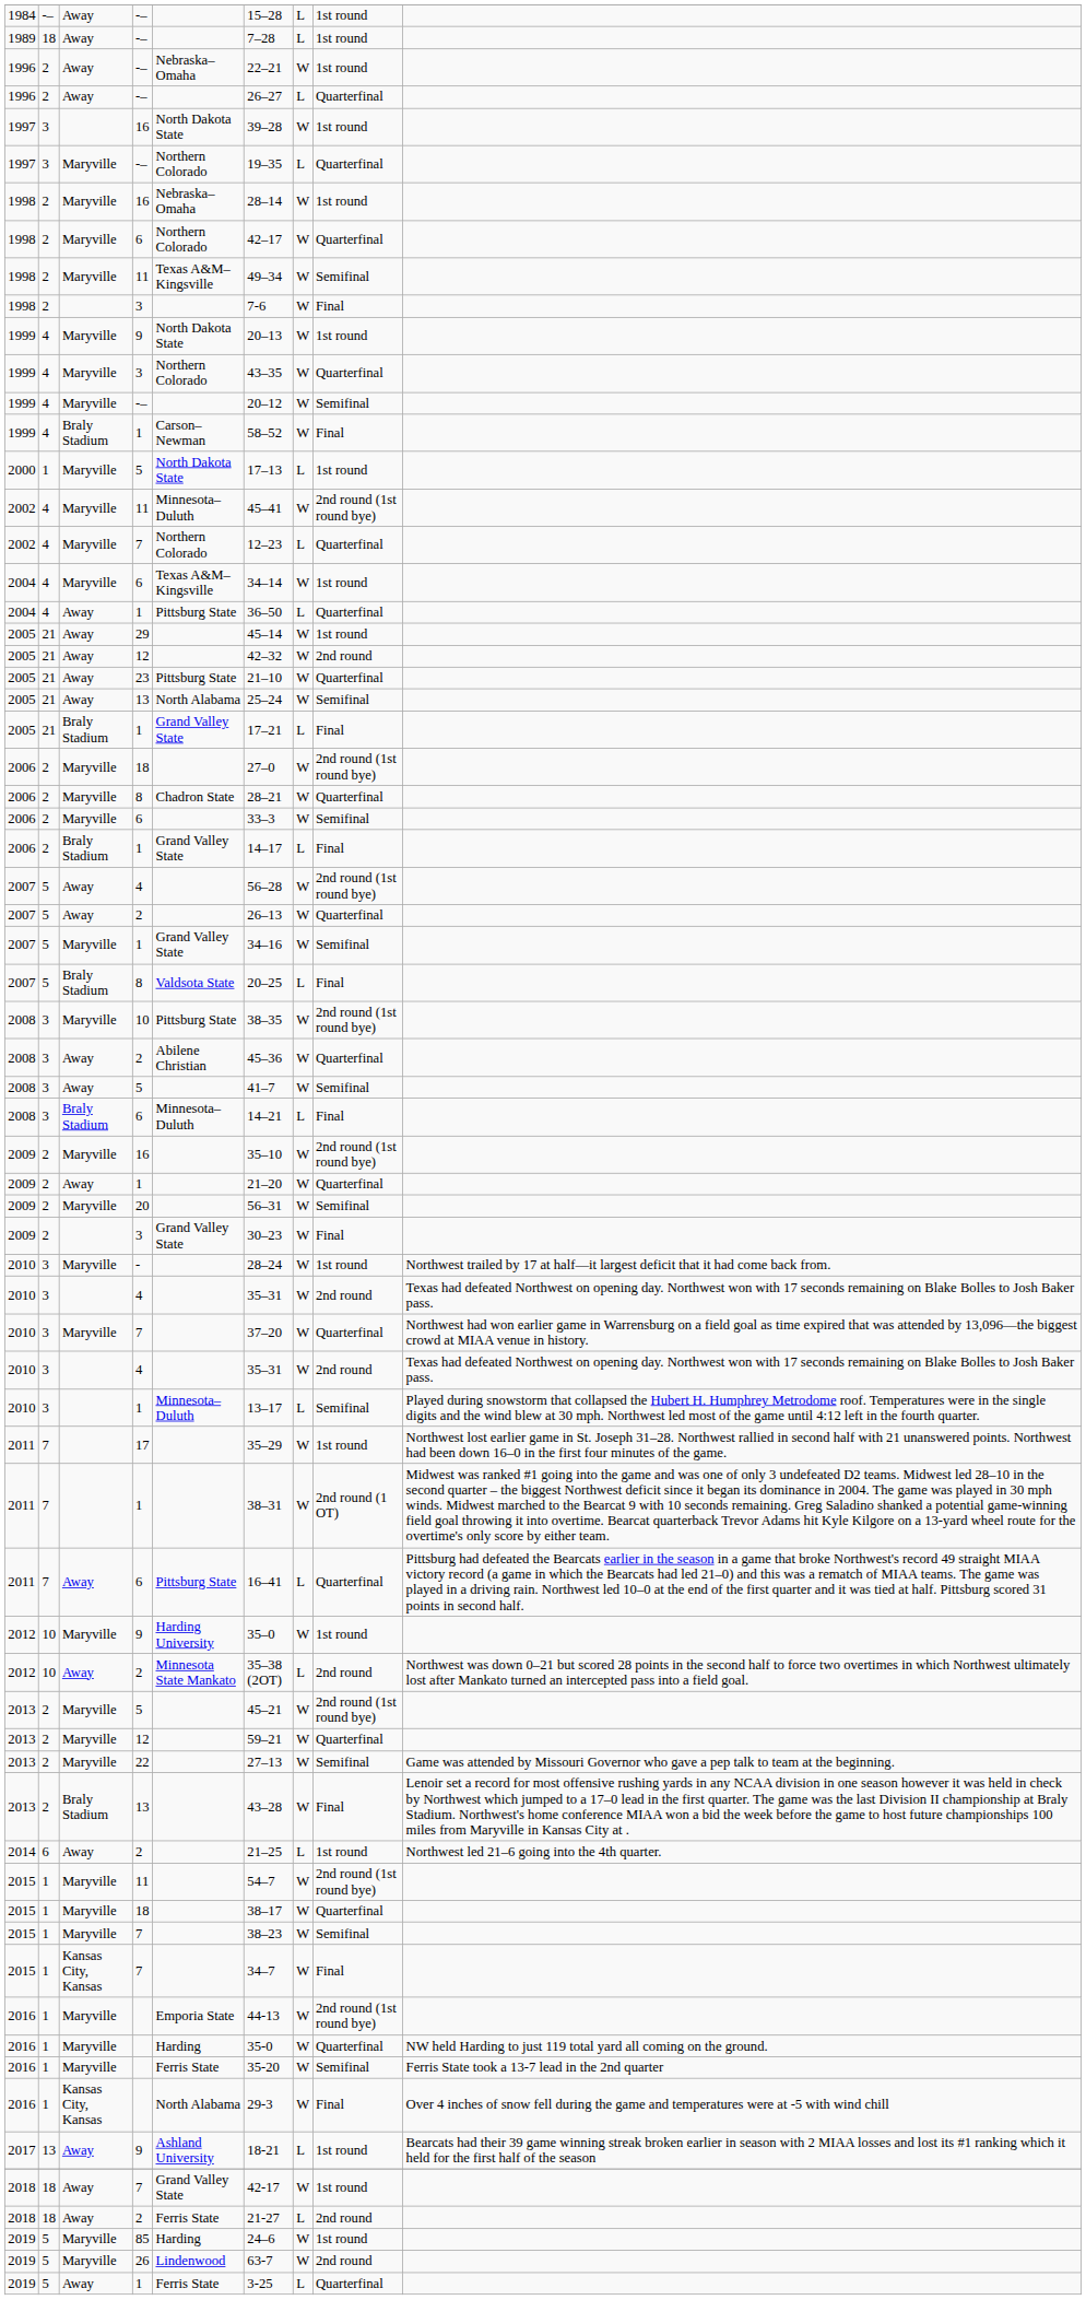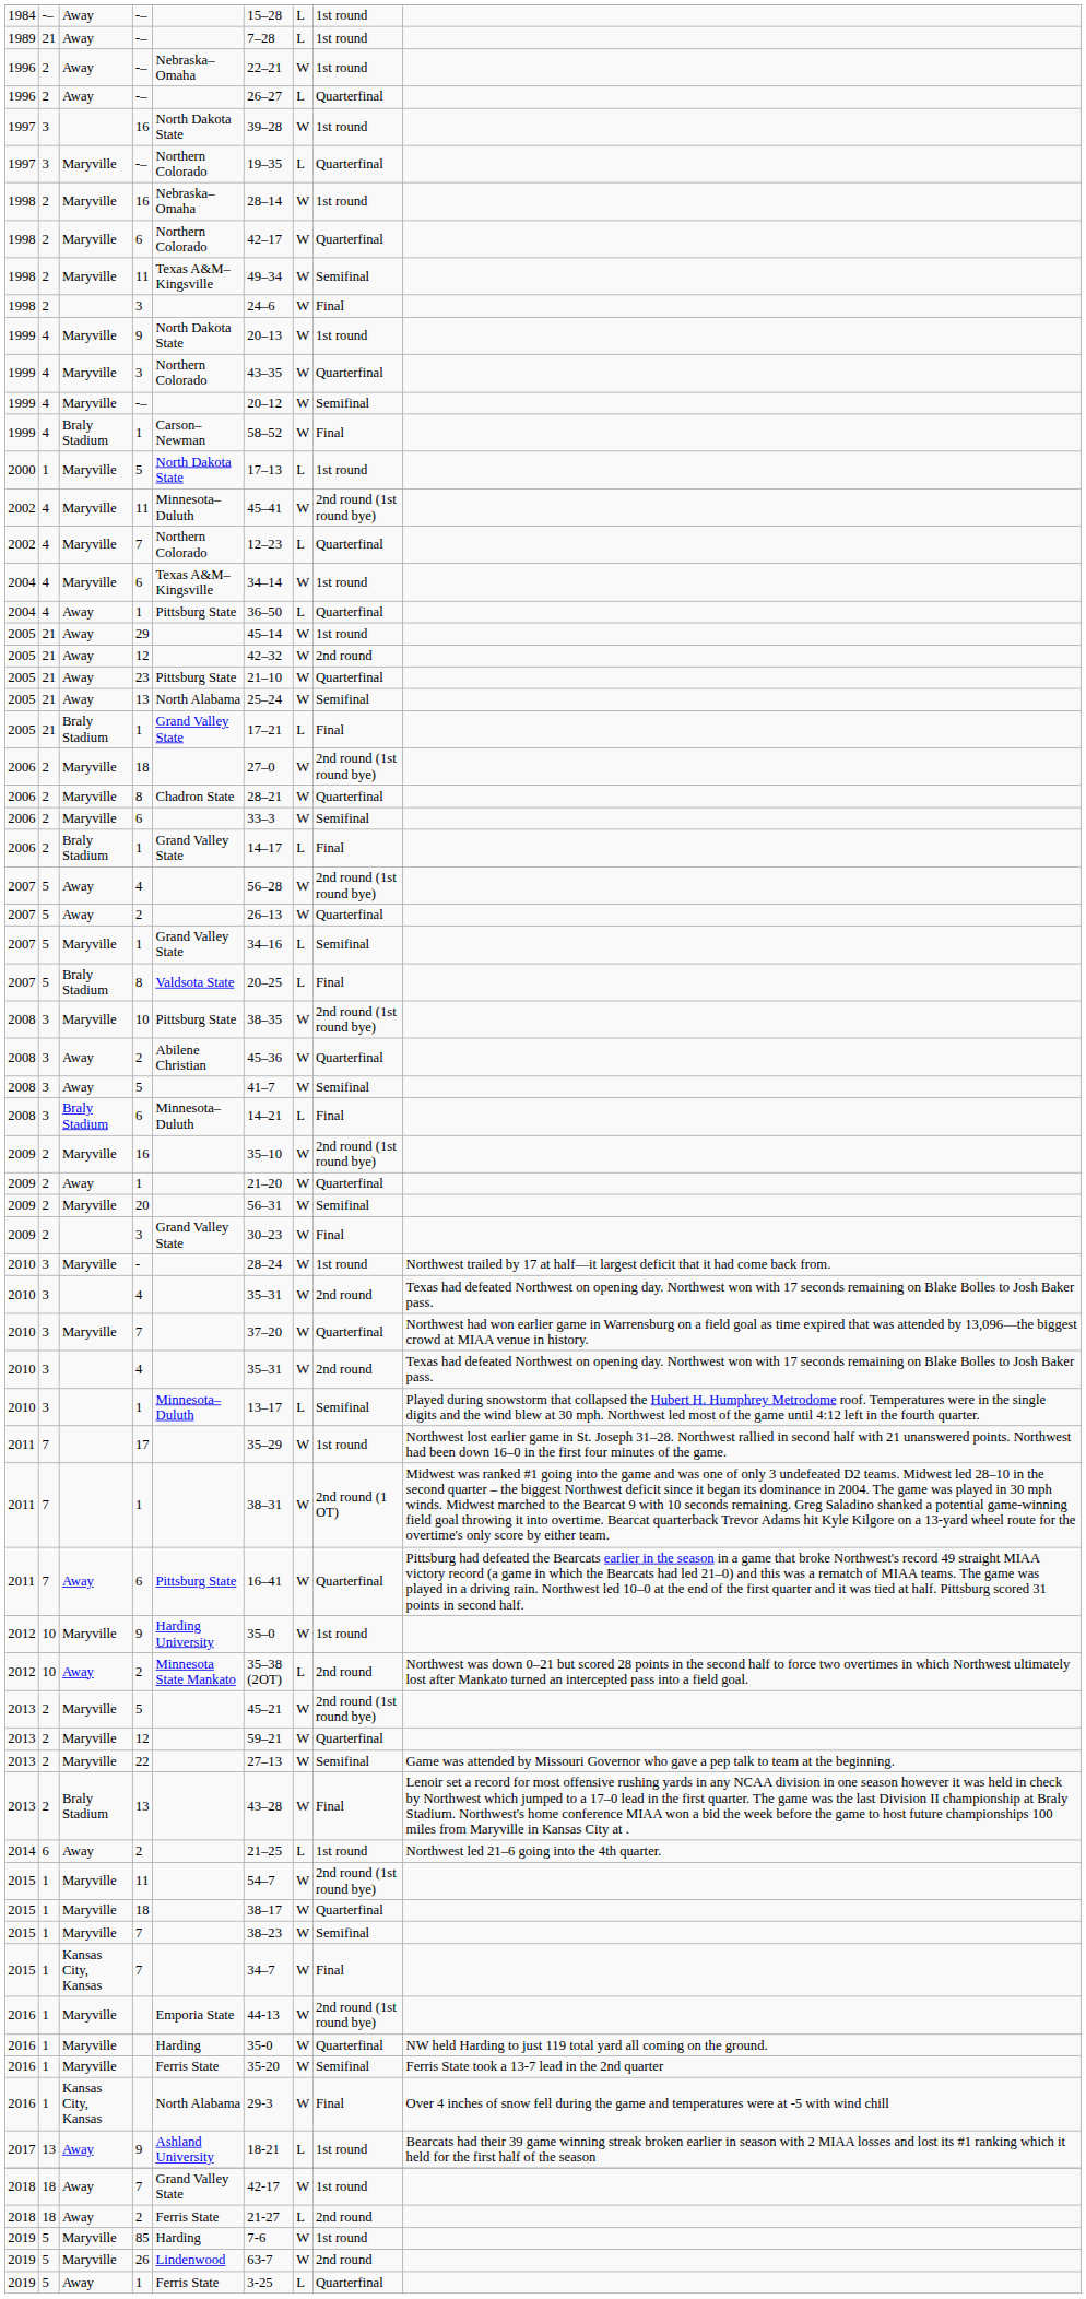 <table class="wikitable sortable" font=90%">
 <tr>
 </tr>
 <tr>
 <td>1984</td>
 <td>-–</td>
 <td>Away</td>
 <td>-–</td>
 <td><a href='#'></a></td>
 <td>15–28</td>
 <td>L</td>
 <td>1st round</td>
 <td></td>
 </tr>
 <tr>
 <td>1989</td>
-<td>18</td>
+<td>21</td>
 <td>Away</td>
 <td>-–</td>
 <td><a href='#'></a></td>
 <td>7–28</td>
 <td>L</td>
 <td>1st round</td>
 <td></td>
 </tr>
 <tr>
 <td>1996</td>
 <td>2</td>
 <td>Away</td>
 <td>-–</td>
 <td>Nebraska–Omaha</td>
 <td>22–21</td>
 <td>W</td>
 <td>1st round</td>
 <td></td>
 </tr>
 <tr>
 <td>1996</td>
 <td>2</td>
 <td>Away</td>
 <td>-–</td>
 <td><a href='#'></a></td>
 <td>26–27</td>
 <td>L</td>
 <td>Quarterfinal</td>
 <td></td>
 </tr>
 <tr>
 <td>1997</td>
 <td>3</td>
 <td><a href='#'></a></td>
 <td>16</td>
 <td>North Dakota State</td>
 <td>39–28</td>
 <td>W</td>
 <td>1st round</td>
 <td></td>
 </tr>
 <tr>
 <td>1997</td>
 <td>3</td>
 <td>Maryville</td>
 <td>-–</td>
 <td>Northern Colorado</td>
 <td>19–35</td>
 <td>L</td>
 <td>Quarterfinal</td>
 <td></td>
 </tr>
 <tr>
 <td>1998</td>
 <td>2</td>
 <td>Maryville</td>
 <td>16</td>
 <td>Nebraska–Omaha</td>
 <td>28–14</td>
 <td>W</td>
 <td>1st round</td>
 <td></td>
 </tr>
 <tr>
 <td>1998</td>
 <td>2</td>
 <td>Maryville</td>
 <td>6</td>
 <td>Northern Colorado</td>
 <td>42–17</td>
 <td>W</td>
 <td>Quarterfinal</td>
 <td></td>
 </tr>
 <tr>
 <td>1998</td>
 <td>2</td>
 <td>Maryville</td>
 <td>11</td>
 <td>Texas A&M–Kingsville</td>
 <td>49–34</td>
 <td>W</td>
 <td>Semifinal</td>
 <td></td>
 </tr>
 <tr>
 <td>1998</td>
 <td>2</td>
 <td><a href='#'></a></td>
 <td>3</td>
 <td><a href='#'></a></td>
-<td>7-6</td>
+<td>24–6</td>
 <td>W</td>
 <td>Final</td>
 <td></td>
 </tr>
 <tr>
 <td>1999</td>
 <td>4</td>
 <td>Maryville</td>
 <td>9</td>
 <td>North Dakota State</td>
 <td>20–13</td>
 <td>W</td>
 <td>1st round</td>
 <td></td>
 </tr>
 <tr>
 <td>1999</td>
 <td>4</td>
 <td>Maryville</td>
 <td>3</td>
 <td>Northern Colorado</td>
 <td>43–35</td>
 <td>W</td>
 <td>Quarterfinal</td>
 <td></td>
 </tr>
 <tr>
 <td>1999</td>
 <td>4</td>
 <td>Maryville</td>
 <td>-–</td>
 <td><a href='#'></a></td>
 <td>20–12</td>
 <td>W</td>
 <td>Semifinal</td>
 <td></td>
 </tr>
 <tr>
 <td>1999</td>
 <td>4</td>
 <td>Braly Stadium</td>
 <td>1</td>
 <td>Carson–Newman</td>
 <td>58–52</td>
 <td>W</td>
 <td>Final</td>
 <td></td>
 </tr>
 <tr>
 <td>2000</td>
 <td>1</td>
 <td>Maryville</td>
 <td>5</td>
 <td><a href='#'>North Dakota State</a></td>
 <td>17–13</td>
 <td>L</td>
 <td>1st round</td>
 <td></td>
 </tr>
 <tr>
 <td>2002</td>
 <td>4</td>
 <td>Maryville</td>
 <td>11</td>
 <td>Minnesota–Duluth</td>
 <td>45–41</td>
 <td>W</td>
 <td>2nd round (1st round bye)</td>
 <td></td>
 </tr>
 <tr>
 <td>2002</td>
 <td>4</td>
 <td>Maryville</td>
 <td>7</td>
 <td>Northern Colorado</td>
 <td>12–23</td>
 <td>L</td>
 <td>Quarterfinal</td>
 <td></td>
 </tr>
 <tr>
 <td>2004</td>
 <td>4</td>
 <td>Maryville</td>
 <td>6</td>
 <td>Texas A&M–Kingsville</td>
 <td>34–14</td>
 <td>W</td>
 <td>1st round</td>
 <td></td>
 </tr>
 <tr>
 <td>2004</td>
 <td>4</td>
 <td>Away</td>
 <td>1</td>
 <td>Pittsburg State</td>
 <td>36–50</td>
 <td>L</td>
 <td>Quarterfinal</td>
 <td></td>
 </tr>
 <tr>
 <td>2005</td>
 <td>21</td>
 <td>Away</td>
 <td>29</td>
 <td><a href='#'></a></td>
 <td>45–14</td>
 <td>W</td>
 <td>1st round</td>
 <td></td>
 </tr>
 <tr>
 <td>2005</td>
 <td>21</td>
 <td>Away</td>
 <td>12</td>
 <td><a href='#'></a></td>
 <td>42–32</td>
 <td>W</td>
 <td>2nd round</td>
 <td></td>
 </tr>
 <tr>
 <td>2005</td>
 <td>21</td>
 <td>Away</td>
 <td>23</td>
 <td>Pittsburg State</td>
 <td>21–10</td>
 <td>W</td>
 <td>Quarterfinal</td>
 <td></td>
 </tr>
 <tr>
 <td>2005</td>
 <td>21</td>
 <td>Away</td>
 <td>13</td>
 <td>North Alabama</td>
 <td>25–24</td>
 <td>W</td>
 <td>Semifinal</td>
 <td></td>
 </tr>
 <tr>
 <td>2005</td>
 <td>21</td>
 <td>Braly Stadium</td>
 <td>1</td>
 <td><a href='#'>Grand Valley State</a></td>
 <td>17–21</td>
 <td>L</td>
 <td>Final</td>
 <td></td>
 </tr>
 <tr>
 <td>2006</td>
 <td>2</td>
 <td>Maryville</td>
 <td>18</td>
 <td><a href='#'></a></td>
 <td>27–0</td>
 <td>W</td>
 <td>2nd round (1st round bye)</td>
 <td></td>
 </tr>
 <tr>
 <td>2006</td>
 <td>2</td>
 <td>Maryville</td>
 <td>8</td>
 <td>Chadron State</td>
 <td>28–21</td>
 <td>W</td>
 <td>Quarterfinal</td>
 <td></td>
 </tr>
 <tr>
 <td>2006</td>
 <td>2</td>
 <td>Maryville</td>
 <td>6</td>
 <td><a href='#'></a></td>
 <td>33–3</td>
 <td>W</td>
 <td>Semifinal</td>
 <td></td>
 </tr>
 <tr>
 <td>2006</td>
 <td>2</td>
 <td>Braly Stadium</td>
 <td>1</td>
 <td>Grand Valley State</td>
 <td>14–17</td>
 <td>L</td>
 <td>Final</td>
 <td></td>
 </tr>
 <tr>
 <td>2007</td>
 <td>5</td>
 <td>Away</td>
 <td>4</td>
 <td><a href='#'></a></td>
 <td>56–28</td>
 <td>W</td>
 <td>2nd round (1st round bye)</td>
 <td></td>
 </tr>
 <tr>
 <td>2007</td>
 <td>5</td>
 <td>Away</td>
 <td>2</td>
 <td><a href='#'></a></td>
 <td>26–13</td>
 <td>W</td>
 <td>Quarterfinal</td>
 <td></td>
 </tr>
 <tr>
 <td>2007</td>
 <td>5</td>
 <td>Maryville</td>
 <td>1</td>
 <td>Grand Valley State</td>
 <td>34–16</td>
-<td>W</td>
+<td>L</td>
 <td>Semifinal</td>
 <td></td>
 </tr>
 <tr>
 <td>2007</td>
 <td>5</td>
 <td>Braly Stadium</td>
 <td>8</td>
 <td><a href='#'>Valdsota State</a></td>
 <td>20–25</td>
 <td>L</td>
 <td>Final</td>
 <td></td>
 </tr>
 <tr>
 <td>2008</td>
 <td>3</td>
 <td>Maryville</td>
 <td>10</td>
 <td>Pittsburg State</td>
 <td>38–35</td>
 <td>W</td>
 <td>2nd round (1st round bye)</td>
 <td></td>
 </tr>
 <tr>
 <td>2008</td>
 <td>3</td>
 <td>Away</td>
 <td>2</td>
 <td>Abilene Christian</td>
 <td>45–36</td>
 <td>W</td>
 <td>Quarterfinal</td>
 <td></td>
 </tr>
 <tr>
 <td>2008</td>
 <td>3</td>
 <td>Away</td>
 <td>5</td>
 <td><a href='#'></a></td>
 <td>41–7</td>
 <td>W</td>
 <td>Semifinal</td>
 <td></td>
 </tr>
 <tr>
 <td>2008</td>
 <td>3</td>
 <td><a href='#'>Braly Stadium</a></td>
 <td>6</td>
 <td>Minnesota–Duluth</td>
 <td>14–21</td>
 <td>L</td>
 <td>Final</td>
 <td></td>
 </tr>
 <tr>
 <td>2009</td>
 <td>2</td>
 <td>Maryville</td>
 <td>16</td>
 <td><a href='#'></a></td>
 <td>35–10</td>
 <td>W</td>
 <td>2nd round (1st round bye)</td>
 <td></td>
 </tr>
 <tr>
 <td>2009</td>
 <td>2</td>
 <td>Away</td>
 <td>1</td>
 <td><a href='#'></a></td>
 <td>21–20</td>
 <td>W</td>
 <td>Quarterfinal</td>
 <td></td>
 </tr>
 <tr>
 <td>2009</td>
 <td>2</td>
 <td>Maryville</td>
 <td>20</td>
 <td><a href='#'></a></td>
 <td>56–31</td>
 <td>W</td>
 <td>Semifinal</td>
 <td></td>
 </tr>
 <tr>
 <td>2009</td>
 <td>2</td>
 <td><a href='#'></a></td>
 <td>3</td>
 <td>Grand Valley State</td>
 <td>30–23</td>
 <td>W</td>
 <td>Final</td>
 <td></td>
 </tr>
 <tr>
 <td>2010</td>
 <td>3</td>
 <td>Maryville</td>
 <td>-</td>
 <td><a href='#'></a></td>
 <td>28–24</td>
 <td>W</td>
 <td>1st round</td>
 <td>Northwest trailed by 17 at half—it largest deficit that it had come back from.</td>
 </tr>
 <tr>
 <td>2010</td>
 <td>3</td>
 <td><a href='#'></a></td>
 <td>4</td>
 <td><a href='#'></a></td>
 <td>35–31</td>
 <td>W</td>
 <td>2nd round</td>
 <td>Texas had defeated Northwest on opening day. Northwest won with 17 seconds remaining on Blake Bolles to Josh Baker pass.</td>
 </tr>
 <tr>
 <td>2010</td>
 <td>3</td>
 <td>Maryville</td>
 <td>7</td>
 <td><a href='#'></a></td>
 <td>37–20</td>
 <td>W</td>
 <td>Quarterfinal</td>
 <td>Northwest had won earlier game in Warrensburg on a field goal as time expired that was attended by 13,096—the biggest crowd at MIAA venue in history.</td>
 </tr>
 <tr>
 <td>2010</td>
 <td>3</td>
 <td><a href='#'></a></td>
 <td>4</td>
 <td><a href='#'></a></td>
 <td>35–31</td>
 <td>W</td>
 <td>2nd round</td>
 <td>Texas had defeated Northwest on opening day. Northwest won with 17 seconds remaining on Blake Bolles to Josh Baker pass.</td>
 </tr>
 <tr>
 <td>2010</td>
 <td>3</td>
 <td><a href='#'></a></td>
 <td>1</td>
 <td><a href='#'>Minnesota–Duluth</a></td>
 <td>13–17</td>
 <td>L</td>
 <td>Semifinal</td>
 <td>Played during snowstorm that collapsed the <a href='#'>Hubert H. Humphrey Metrodome</a> roof. Temperatures were in the single digits and the wind blew at 30 mph. Northwest led most of the game until 4:12 left in the fourth quarter.</td>
 </tr>
 <tr>
 <td>2011</td>
 <td>7</td>
 <td><a href='#'></a></td>
 <td>17</td>
 <td><a href='#'></a></td>
 <td>35–29</td>
 <td>W</td>
 <td>1st round</td>
 <td>Northwest lost earlier game in St. Joseph 31–28. Northwest rallied in second half with 21 unanswered points. Northwest had been down 16–0 in the first four minutes of the game.</td>
 </tr>
 <tr>
 <td>2011</td>
 <td>7</td>
 <td><a href='#'></a></td>
 <td>1</td>
 <td><a href='#'></a></td>
 <td>38–31</td>
 <td>W</td>
 <td>2nd round (1 OT)</td>
 <td>Midwest was ranked #1 going into the game and was one of only 3 undefeated D2 teams. Midwest led 28–10 in the second quarter – the biggest Northwest deficit since it began its dominance in 2004. The game was played in 30 mph winds. Midwest marched to the Bearcat 9 with 10 seconds remaining. Greg Saladino shanked a potential game-winning field goal throwing it into overtime. Bearcat quarterback Trevor Adams hit Kyle Kilgore on a 13-yard wheel route for the overtime's only score by either team.</td>
 </tr>
 <tr>
 <td>2011</td>
 <td>7</td>
 <td><a href='#'>Away</a></td>
 <td>6</td>
 <td><a href='#'>Pittsburg State</a></td>
 <td>16–41</td>
-<td>L</td>
+<td>W</td>
 <td>Quarterfinal</td>
 <td>Pittsburg had defeated the Bearcats <a href='#'>earlier in the season</a> in a game that broke Northwest's record 49 straight MIAA victory record (a game in which the Bearcats had led 21–0) and this was a rematch of MIAA teams. The game was played in a driving rain. Northwest led 10–0 at the end of the first quarter and it was tied at half. Pittsburg scored 31 points in second half.</td>
 </tr>
 <tr>
 <td>2012</td>
 <td>10</td>
 <td>Maryville</td>
 <td>9</td>
 <td><a href='#'>Harding University</a></td>
 <td>35–0</td>
 <td>W</td>
 <td>1st round</td>
 <td></td>
 </tr>
 <tr>
 <td>2012</td>
 <td>10</td>
 <td><a href='#'>Away</a></td>
 <td>2</td>
 <td><a href='#'>Minnesota State Mankato</a></td>
 <td>35–38 (2OT)</td>
 <td>L</td>
 <td>2nd round</td>
 <td>Northwest was down 0–21 but scored 28 points in the second half to force two overtimes in which Northwest ultimately lost after Mankato turned an intercepted pass into a field goal.</td>
 </tr>
 <tr>
 <td>2013</td>
 <td>2</td>
 <td>Maryville</td>
 <td>5</td>
 <td><a href='#'></a></td>
 <td>45–21</td>
 <td>W</td>
 <td>2nd round (1st round bye)</td>
 <td></td>
 </tr>
 <tr>
 <td>2013</td>
 <td>2</td>
 <td>Maryville</td>
 <td>12</td>
 <td><a href='#'></a></td>
 <td>59–21</td>
 <td>W</td>
 <td>Quarterfinal</td>
 <td></td>
 </tr>
 <tr>
 <td>2013</td>
 <td>2</td>
 <td>Maryville</td>
 <td>22</td>
 <td><a href='#'></a></td>
 <td>27–13</td>
 <td>W</td>
 <td>Semifinal</td>
 <td>Game was attended by Missouri Governor <a href='#'></a> who gave a pep talk to team at the beginning.</td>
 </tr>
 <tr>
 <td>2013</td>
 <td>2</td>
 <td>Braly Stadium</td>
 <td>13</td>
 <td><a href='#'></a></td>
 <td>43–28</td>
 <td>W</td>
 <td>Final</td>
 <td>Lenoir set a record for most offensive rushing yards in any NCAA division in one season however it was held in check by Northwest which jumped to a 17–0 lead in the first quarter. The game was the last Division II championship at Braly Stadium. Northwest's home conference MIAA won a bid the week before the game to host future championships 100 miles from Maryville in Kansas City at <a href='#'></a> .</td>
 </tr>
 <tr>
 <td>2014</td>
 <td>6</td>
 <td>Away</td>
 <td>2</td>
 <td><a href='#'></a></td>
 <td>21–25</td>
 <td>L</td>
 <td>1st round</td>
 <td>Northwest led 21–6 going into the 4th quarter.</td>
 </tr>
 <tr>
 <td>2015</td>
 <td>1</td>
 <td>Maryville</td>
 <td>11</td>
 <td><a href='#'></a></td>
 <td>54–7</td>
 <td>W</td>
 <td>2nd round (1st round bye)</td>
 <td></td>
 </tr>
 <tr>
 <td>2015</td>
 <td>1</td>
 <td>Maryville</td>
 <td>18</td>
 <td><a href='#'></a></td>
 <td>38–17</td>
 <td>W</td>
 <td>Quarterfinal</td>
 <td></td>
 </tr>
 <tr>
 <td>2015</td>
 <td>1</td>
 <td>Maryville</td>
 <td>7</td>
 <td><a href='#'></a></td>
 <td>38–23</td>
 <td>W</td>
 <td>Semifinal</td>
 <td></td>
 </tr>
 <tr>
 <td>2015</td>
 <td>1</td>
 <td>Kansas City, Kansas</td>
 <td>7</td>
 <td><a href='#'></a></td>
 <td>34–7</td>
 <td>W</td>
 <td>Final</td>
 <td></td>
 </tr>
 <tr>
 <td>2016</td>
 <td>1</td>
 <td>Maryville</td>
 <td></td>
 <td>Emporia State</td>
 <td>44-13</td>
 <td>W</td>
 <td>2nd round (1st round bye)</td>
 <td></td>
 </tr>
 <tr>
 <td>2016</td>
 <td>1</td>
 <td>Maryville</td>
 <td></td>
 <td>Harding</td>
 <td>35-0</td>
 <td>W</td>
 <td>Quarterfinal</td>
 <td>NW held Harding to just 119 total yard all coming on the ground.</td>
 </tr>
 <tr>
 <td>2016</td>
 <td>1</td>
 <td>Maryville</td>
 <td></td>
 <td>Ferris State</td>
 <td>35-20</td>
 <td>W</td>
 <td>Semifinal</td>
 <td>Ferris State took a 13-7 lead in the 2nd quarter</td>
 </tr>
 <tr>
 <td>2016</td>
 <td>1</td>
 <td>Kansas City, Kansas</td>
 <td></td>
 <td>North Alabama</td>
 <td>29-3</td>
 <td>W</td>
 <td>Final</td>
 <td>Over 4 inches of snow fell during the game and temperatures were at -5 with wind chill</td>
 </tr>
 <tr>
 <td>2017</td>
 <td>13</td>
 <td><a href='#'>Away</a></td>
 <td>9</td>
 <td><a href='#'>Ashland University</a></td>
 <td>18-21</td>
 <td>L</td>
 <td>1st round</td>
 <td>Bearcats had their 39 game winning streak broken earlier in season with 2 MIAA losses and lost its #1 ranking which it held for the first half of the season</td>
 </tr>
 <tr>
 </tr>
 <tr>
 <td>2018</td>
 <td>18</td>
 <td>Away</td>
 <td>7</td>
 <td>Grand Valley State</td>
 <td>42-17</td>
 <td>W</td>
 <td>1st round</td>
 <td></td>
 </tr>
 <tr>
 <td>2018</td>
 <td>18</td>
 <td>Away</td>
 <td>2</td>
 <td>Ferris State</td>
 <td>21-27</td>
 <td>L</td>
 <td>2nd round</td>
 <td></td>
 </tr>
 <tr>
 <td>2019</td>
 <td>5</td>
 <td>Maryville</td>
 <td>85</td>
 <td>Harding</td>
-<td>24–6</td>
+<td>7-6</td>
 <td>W</td>
 <td>1st round</td>
 <td></td>
 </tr>
 <tr>
 <td>2019</td>
 <td>5</td>
 <td>Maryville</td>
 <td>26</td>
 <td><a href='#'>Lindenwood</a></td>
 <td>63-7</td>
 <td>W</td>
 <td>2nd round</td>
 <td></td>
 </tr>
 <tr>
 <td>2019</td>
 <td>5</td>
 <td>Away</td>
 <td>1</td>
 <td>Ferris State</td>
 <td>3-25</td>
 <td>L</td>
 <td>Quarterfinal</td>
 <td></td>
 </tr>
 </table>
